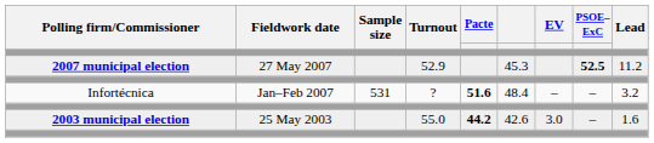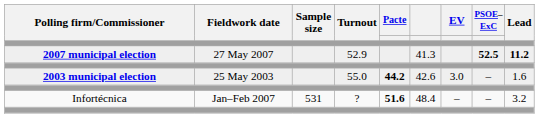 <table class="wikitable collapsible collapsed" style="text-align:center; font-size:95%; line-height:16px;">
 <tr style="height:42px;">
 <th style="width:250px;" rowspan="2">Polling firm/Commissioner</th>
 <th style="width:125px;" rowspan="2">Fieldwork date</th>
 <th style="width:50px;" rowspan="2">Sample size</th>
 <th style="width:45px;" rowspan="2">Turnout</th>
 <th style="width:35px; font-size:90%;"><a href='#'>Pacte</a></th>
 <th style="width:35px;"></th>
 <th style="width:35px;"><a href='#'>EV</a></th>
 <th style="width:35px; font-size:80%;"><a href='#'>PSOE</a>–<a href='#'>ExC</a></th>
 <th style="width:30px;" rowspan="2">Lead</th>
 </tr>
 <tr>
 <th style="color:inherit;background:"></th>
 <th style="color:inherit;background:"></th>
 <th style="color:inherit;background:"></th>
 <th style="color:inherit;background:"></th>
 </tr>
 <tr>
 <td colspan="9" style="background:#A0A0A0"></td>
 </tr>
 <tr style="background:#EFEFEF;">
 <td><strong><a href='#'>2007 municipal election</a></strong></td>
 <td>27 May 2007</td>
 <td></td>
 <td>52.9</td>
 <td></td>
-<td>45.3<br></td>
+<td>41.3<br></td>
 <td></td>
 <td><strong>52.5</strong><br></td>
-<td style="background:">11.2</td>
+<td style="background:"><strong>11.2</strong></td>
+</tr>
+<tr>
+<td colspan="9" style="background:#A0A0A0"></td>
+</tr>
+<tr style="background:#EFEFEF;">
+<td><strong><a href='#'>2003 municipal election</a></strong></td>
+<td>25 May 2003</td>
+<td></td>
+<td>55.0</td>
+<td><strong>44.2</strong><br></td>
+<td>42.6<br></td>
+<td>3.0<br></td>
+<td>–</td>
+<td style="background:">1.6</td>
 </tr>
 <tr>
 <td colspan="9" style="background:#A0A0A0"></td>
 </tr>
 <tr>
 <td>Infortécnica</td>
 <td>Jan–Feb 2007</td>
 <td>531</td>
 <td>?</td>
 <td><strong>51.6</strong><br></td>
 <td>48.4<br></td>
 <td>–</td>
 <td>–</td>
 <td style="background:">3.2</td>
 </tr>
 <tr>
 <td colspan="9" style="background:#A0A0A0"></td>
 </tr>
-<tr style="background:#EFEFEF;">
-<td><strong><a href='#'>2003 municipal election</a></strong></td>
-<td>25 May 2003</td>
-<td></td>
-<td>55.0</td>
-<td><strong>44.2</strong><br></td>
-<td>42.6<br></td>
-<td>3.0<br></td>
-<td>–</td>
-<td style="background:">1.6</td>
-</tr>
-<tr>
-<td colspan="9" style="background:#A0A0A0"></td>
-</tr>
 </table>
